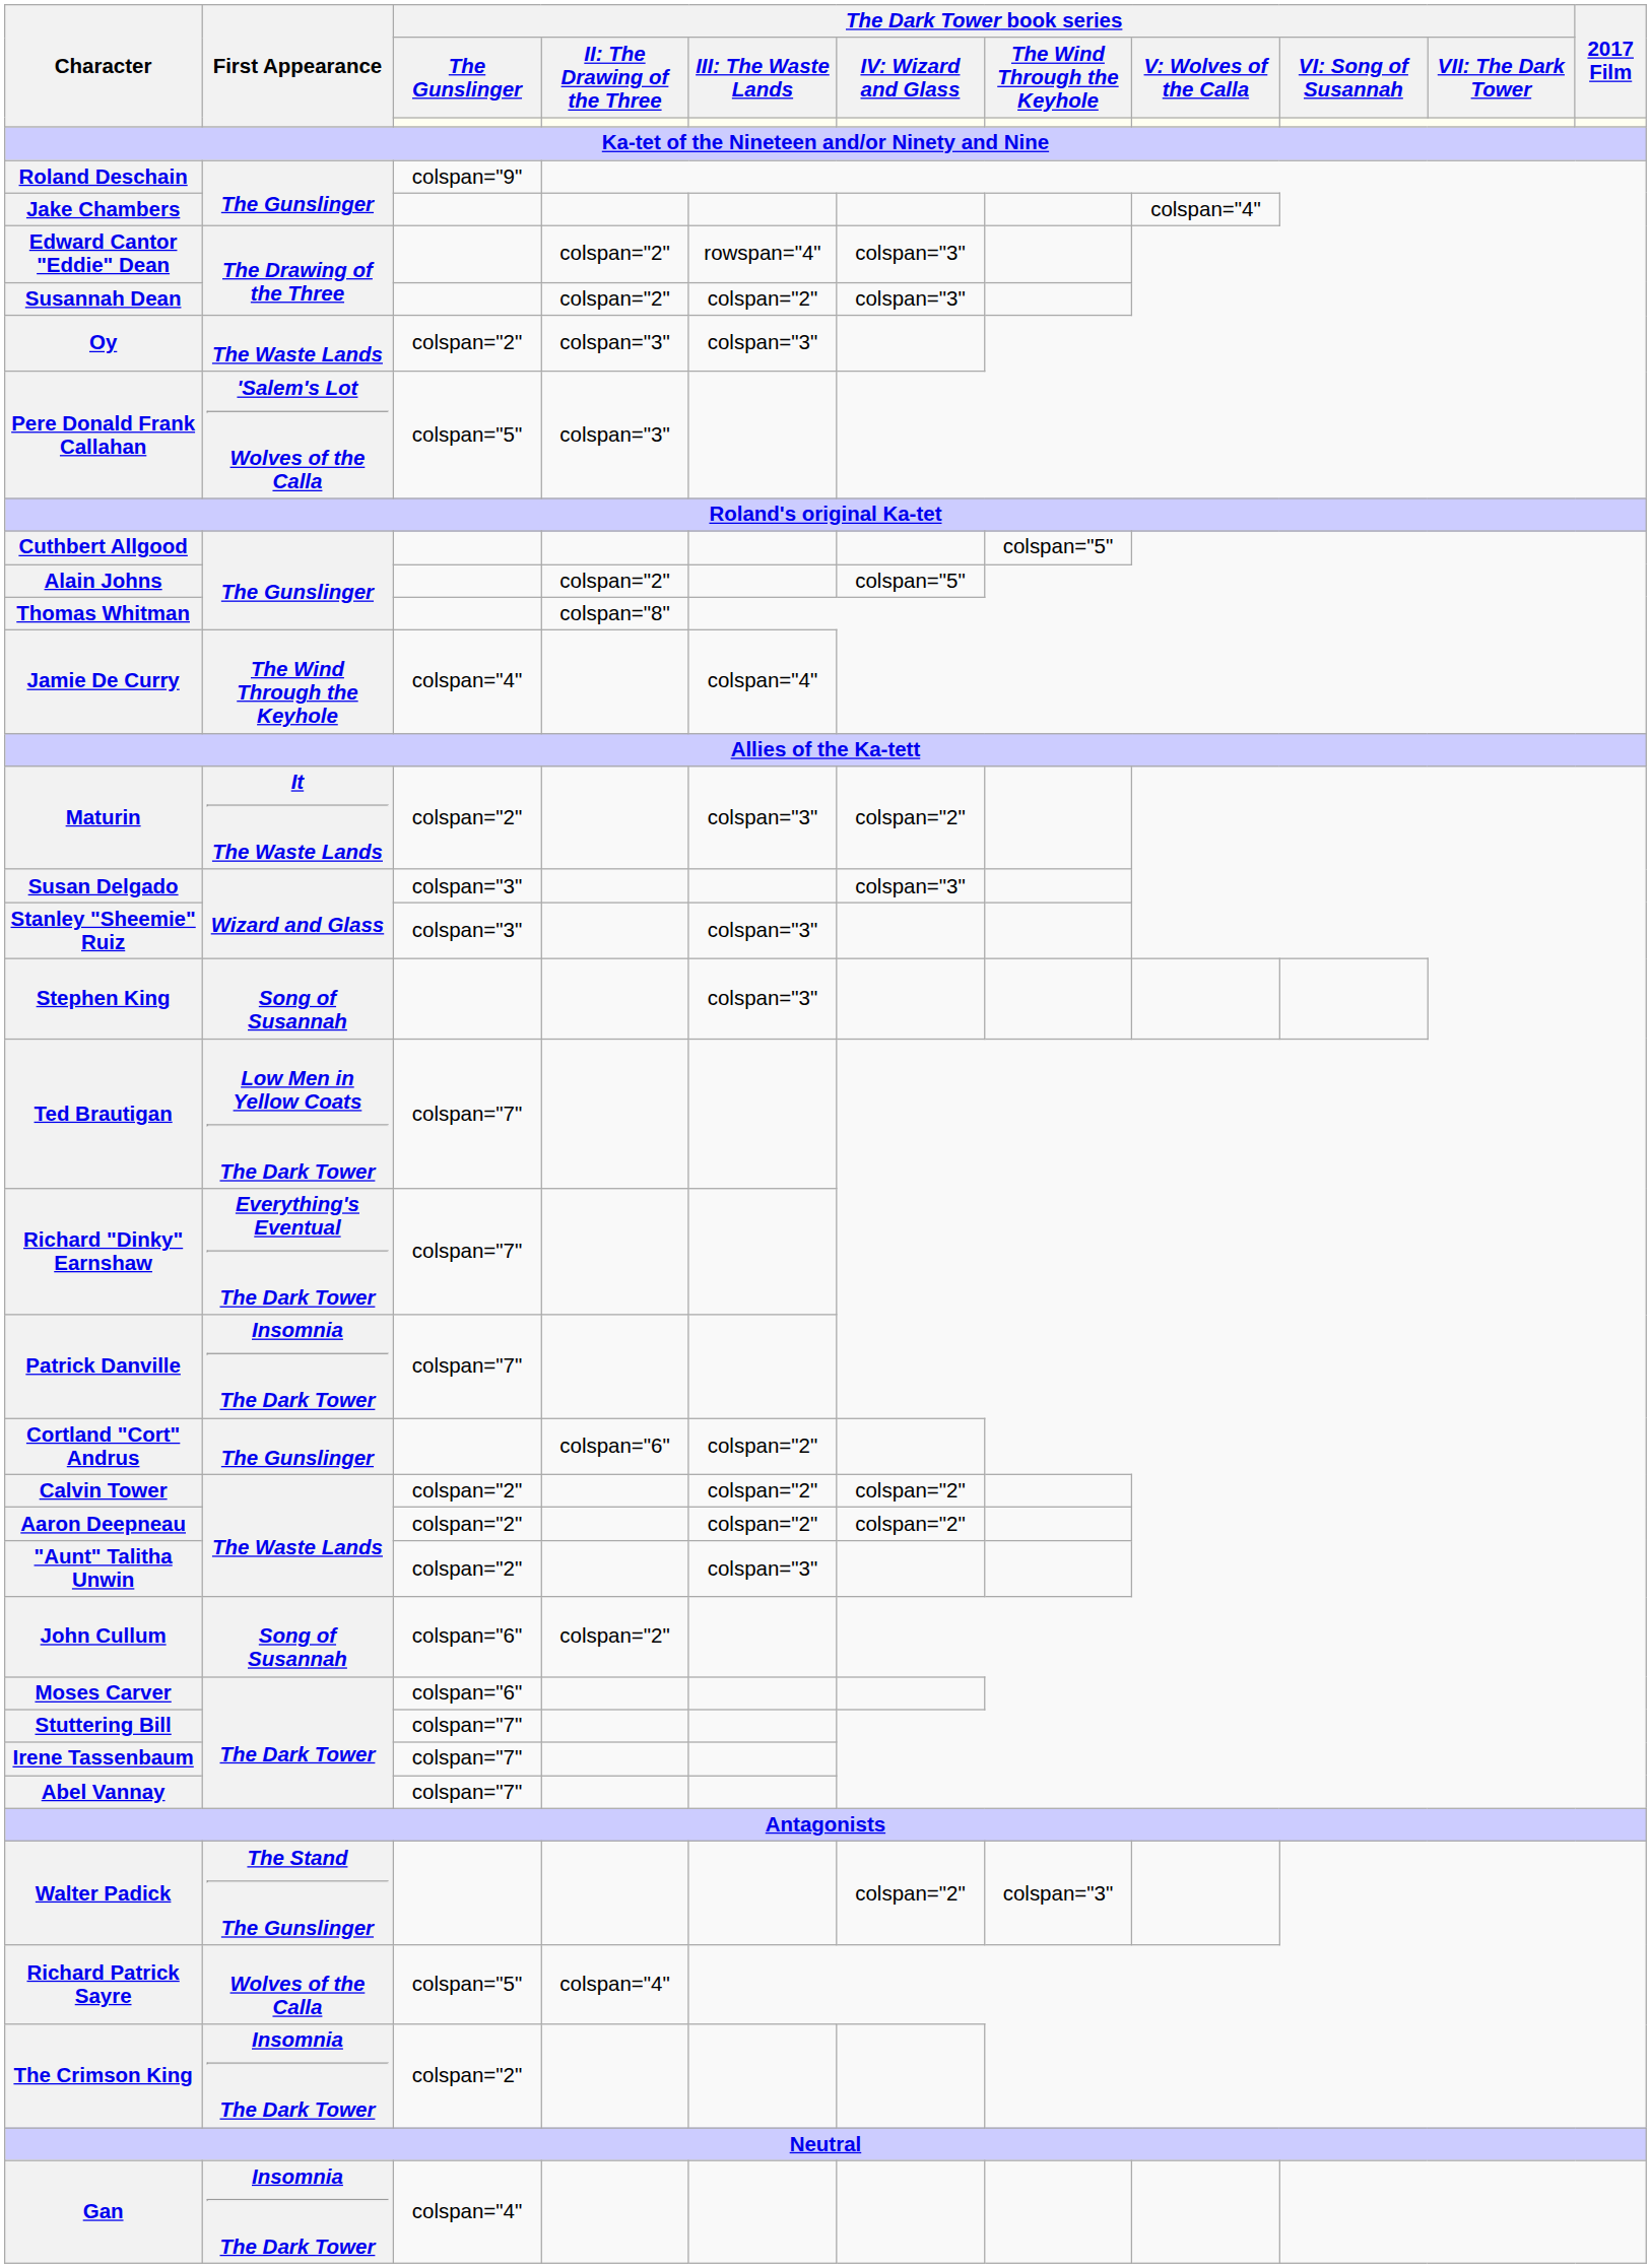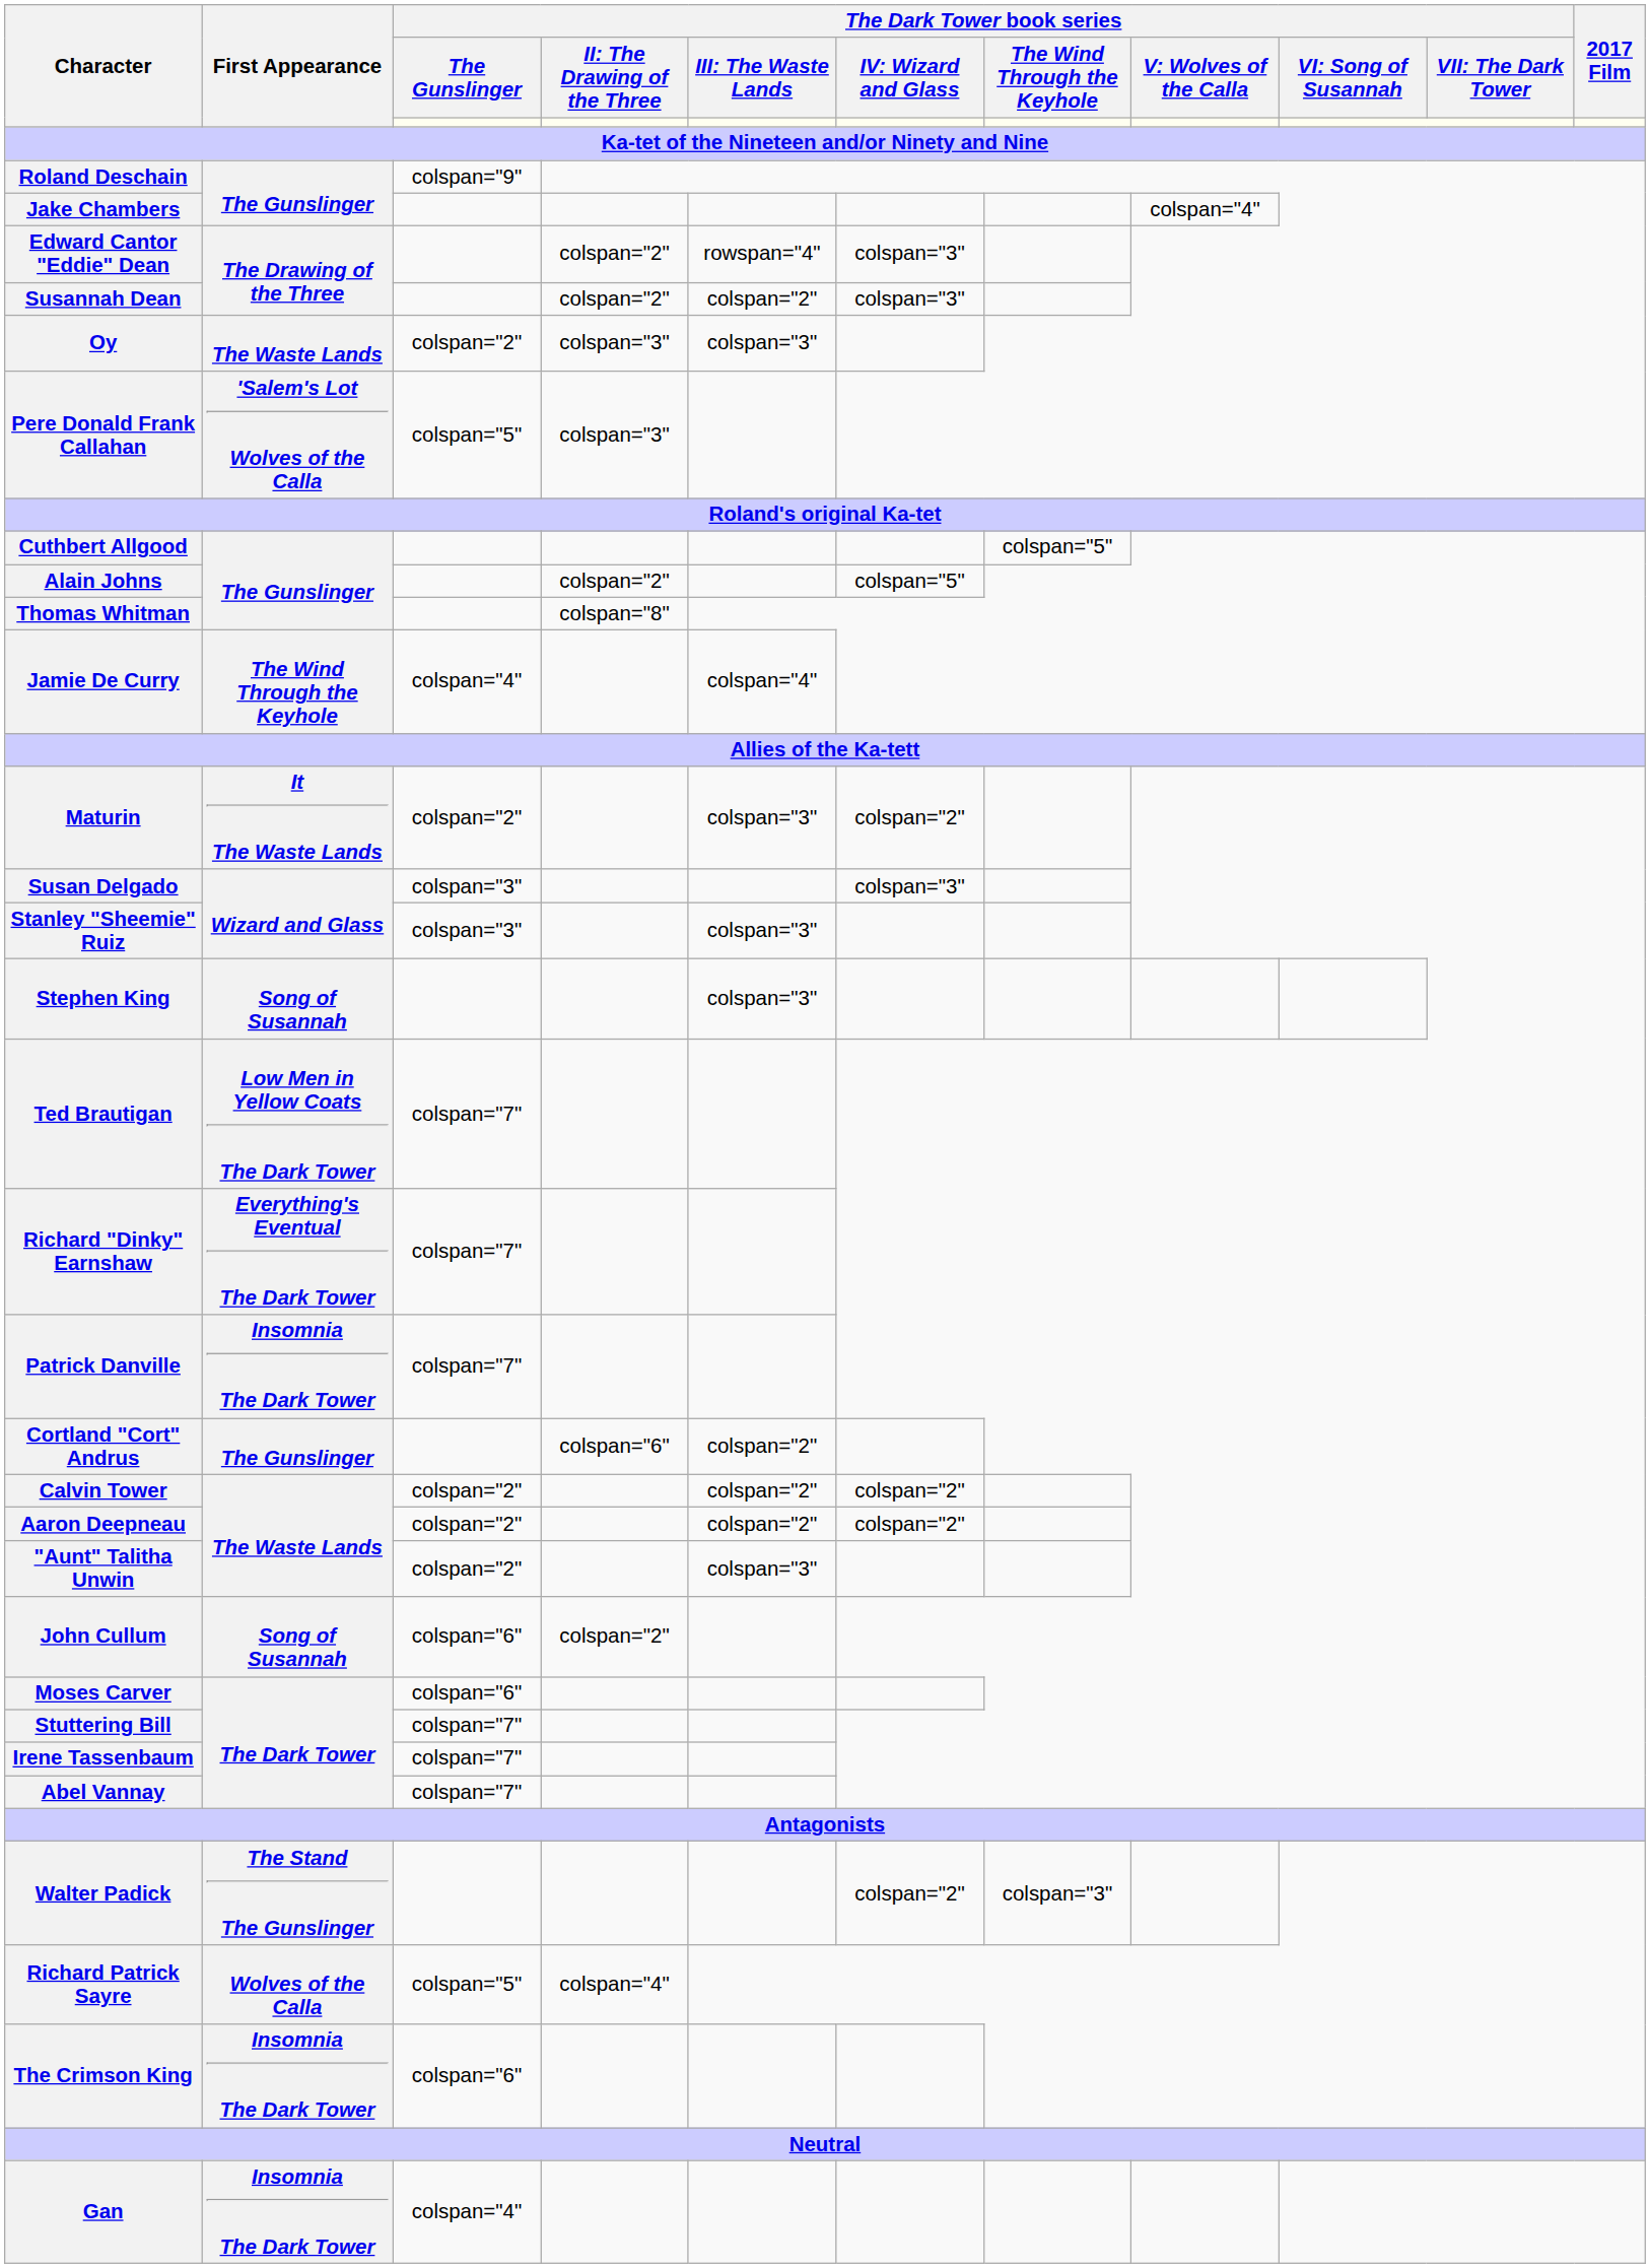 <table class="wikitable" style="width:100%; text-align:center;">
 <tr>
 <th rowspan="3" style="width:12%;">Character</th>
 <th rowspan="3" style="width=12%;">First Appearance</th>
 <th colspan="8"><a href='#'><em>The Dark Tower</em> book series</a></th>
 <th rowspan="2" style="width=9%"><a href='#'>2017 Film</a></th>
 </tr>
 <tr>
 <th style="width:9%;"><a href='#'><em>The Gunslinger</em></a></th>
 <th style="width:9%;"><a href='#'><em>II: The Drawing of the Three</em></a></th>
 <th style="width:9%;"><a href='#'><em>III: The Waste Lands</em></a></th>
 <th style="width:9%;"><a href='#'><em>IV: Wizard and Glass</em></a></th>
 <th style="width:9%;"><a href='#'><em>The Wind Through the Keyhole</em></a></th>
 <th style="width:9%;"><a href='#'><em>V: Wolves of the Calla</em></a></th>
 <th style="width:9%;"><a href='#'><em>VI: Song of Susannah</em></a></th>
 <th style="width:9%;"><a href='#'><em>VII: The Dark Tower</em></a></th>
 </tr>
 <tr>
 <th style="background-color:ivory;"><span></span></th>
 <th style="background-color:ivory;"><span></span></th>
 <th style="background-color:ivory;"><span></span></th>
 <th style="background-color:ivory;"><span></span></th>
 <th style="background-color:ivory;"><span></span></th>
 <th style="background-color:ivory;"><span></span></th>
 <th colspan="2" style="background-color:ivory;"><span></span></th>
 <th style="background-color:ivory;"><span></span></th>
 </tr>
 <tr>
 <th colspan="11" style="background-color:#ccccff;"><a href='#'>Ka-tet of the Nineteen and/or Ninety and Nine</a></th>
 </tr>
 <tr>
 <th><a href='#'>Roland Deschain<br></a></th>
 <th rowspan="2"><a href='#'><em><br>The Gunslinger</em></a></th>
 <td>colspan="9" </td>
 </tr>
 <tr>
 <th><a href='#'>Jake Chambers</a></th>
 <td></td>
 <td></td>
 <td></td>
 <td></td>
 <td></td>
 <td>colspan="4" </td>
 </tr>
 <tr>
 <th><a href='#'>Edward Cantor "Eddie" Dean</a></th>
 <th rowspan="2"><a href='#'><em><br>The Drawing of the Three</em></a></th>
 <td></td>
 <td>colspan="2" </td>
 <td>rowspan="4" </td>
 <td>colspan="3" </td>
 <td></td>
 </tr>
 <tr>
 <th><a href='#'>Susannah Dean<br></a></th>
 <td></td>
 <td>colspan="2" </td>
 <td>colspan="2" </td>
 <td>colspan="3" </td>
 <td></td>
 </tr>
 <tr>
 <th><a href='#'>Oy</a></th>
 <th><a href='#'><em><br>The Waste Lands</em></a></th>
 <td>colspan="2" </td>
 <td>colspan="3" </td>
 <td>colspan="3" </td>
 <td></td>
 </tr>
 <tr>
 <th><a href='#'>Pere Donald Frank Callahan</a></th>
 <th><em><a href='#'>'Salem's Lot</a></em><hr><a href='#'><em><br>Wolves of the Calla</em></a></th>
 <td>colspan="5" </td>
 <td>colspan="3" </td>
 <td></td>
 </tr>
 <tr>
 <th colspan="11" style="background-color:#ccccff;"><a href='#'>Roland's original Ka-tet</a></th>
 </tr>
 <tr>
 <th><a href='#'>Cuthbert Allgood</a></th>
 <th rowspan="3"><a href='#'><em><br>The Gunslinger</em></a></th>
 <td></td>
 <td></td>
 <td></td>
 <td></td>
 <td>colspan="5" </td>
 </tr>
 <tr>
 <th><a href='#'>Alain Johns</a></th>
 <td></td>
 <td>colspan="2" </td>
 <td></td>
 <td>colspan="5" </td>
 </tr>
 <tr>
 <th><a href='#'>Thomas Whitman</a></th>
 <td></td>
 <td>colspan="8" </td>
 </tr>
 <tr>
 <th><a href='#'>Jamie De Curry</a></th>
 <th><a href='#'><em><br>The Wind Through the Keyhole</em></a></th>
 <td>colspan="4" </td>
 <td></td>
 <td>colspan="4" </td>
 </tr>
 <tr>
 <th colspan="11" style="background-color:#ccccff;"><a href='#'>Allies of the Ka-tett</a></th>
 </tr>
 <tr>
 <th><a href='#'>Maturin<br></a></th>
 <th><a href='#'><em>It</em></a><hr><a href='#'><em><br>The Waste Lands</em></a></th>
 <td>colspan="2" </td>
 <td></td>
 <td>colspan="3" </td>
 <td>colspan="2" </td>
 <td></td>
 </tr>
 <tr>
 <th><a href='#'>Susan Delgado</a></th>
 <th rowspan="2"><a href='#'><em><br>Wizard and Glass</em></a></th>
 <td>colspan="3" </td>
 <td></td>
 <td></td>
 <td>colspan="3" </td>
 <td></td>
 </tr>
 <tr>
 <th><a href='#'>Stanley "Sheemie" Ruiz</a></th>
 <td>colspan="3" </td>
 <td></td>
 <td>colspan="3" </td>
 <td></td>
 <td></td>
 </tr>
 <tr>
 <th><a href='#'>Stephen King</a></th>
 <th><a href='#'><em><br>Song of Susannah</em></a></th>
 <td></td>
 <td></td>
 <td>colspan="3" </td>
 <td></td>
 <td></td>
 <td></td>
 <td></td>
 </tr>
 <tr>
 <th><a href='#'>Ted Brautigan</a></th>
 <th><a href='#'><em><br>Low Men in Yellow Coats</em></a><hr><a href='#'><em><br>The Dark Tower</em></a></th>
 <td>colspan="7" </td>
 <td></td>
 <td></td>
 </tr>
 <tr>
 <th><a href='#'>Richard "Dinky" Earnshaw</a></th>
 <th><a href='#'><em>Everything's Eventual</em></a><hr><a href='#'><em><br>The Dark Tower</em></a></th>
 <td>colspan="7" </td>
 <td></td>
 <td></td>
 </tr>
 <tr>
 <th><a href='#'>Patrick Danville</a></th>
 <th><a href='#'><em>Insomnia</em></a><hr><a href='#'><em><br>The Dark Tower</em></a></th>
 <td>colspan="7" </td>
 <td></td>
 <td></td>
 </tr>
 <tr>
 <th><a href='#'>Cortland "Cort" Andrus</a></th>
 <th><a href='#'><em><br>The Gunslinger</em></a></th>
 <td></td>
 <td>colspan="6" </td>
 <td>colspan="2" </td>
 <td></td>
 </tr>
 <tr>
 <th><a href='#'>Calvin Tower</a></th>
 <th rowspan="3"><a href='#'><em><br>The Waste Lands</em></a></th>
 <td>colspan="2" </td>
 <td></td>
 <td>colspan="2" </td>
 <td>colspan="2" </td>
 <td></td>
 </tr>
 <tr>
 <th><a href='#'>Aaron Deepneau</a></th>
 <td>colspan="2" </td>
 <td></td>
 <td>colspan="2" </td>
 <td>colspan="2" </td>
 <td></td>
 </tr>
 <tr>
 <th><a href='#'>"Aunt" Talitha Unwin</a></th>
 <td>colspan="2" </td>
 <td></td>
 <td>colspan="3" </td>
 <td></td>
 <td></td>
 </tr>
 <tr>
 <th><a href='#'>John Cullum</a></th>
 <th><a href='#'><em><br>Song of Susannah</em></a></th>
 <td>colspan="6" </td>
 <td>colspan="2" </td>
 <td></td>
 </tr>
 <tr>
 <th><a href='#'>Moses Carver</a></th>
 <th rowspan="4"><a href='#'><em><br>The Dark Tower</em></a></th>
 <td>colspan="6" </td>
 <td></td>
 <td></td>
 <td></td>
 </tr>
 <tr>
 <th><a href='#'>Stuttering Bill<br></a></th>
 <td>colspan="7" </td>
 <td></td>
 <td></td>
 </tr>
 <tr>
 <th><a href='#'>Irene Tassenbaum</a></th>
 <td>colspan="7" </td>
 <td></td>
 <td></td>
 </tr>
 <tr>
 <th><a href='#'>Abel Vannay</a></th>
 <td>colspan="7" </td>
 <td></td>
 <td></td>
 </tr>
 <tr>
 <th colspan="11" style="background-color:#ccccff;"><a href='#'>Antagonists</a></th>
 </tr>
 <tr>
 <th><a href='#'>Walter Padick<br></a></th>
 <th><em><a href='#'>The Stand</a></em><hr><a href='#'><em><br>The Gunslinger</em></a></th>
 <td></td>
 <td></td>
 <td></td>
 <td>colspan="2" </td>
 <td>colspan="3" </td>
 <td></td>
 </tr>
 <tr>
 <th><a href='#'>Richard Patrick Sayre</a></th>
 <th><a href='#'><em><br>Wolves of the Calla</em></a></th>
 <td>colspan="5" </td>
 <td>colspan="4" </td>
 </tr>
 <tr>
 <th><a href='#'>The Crimson King</a></th>
 <th><a href='#'><em>Insomnia</em></a><hr><a href='#'><em><br>The Dark Tower</em></a></th>
-<td>colspan="2" </td>
+<td>colspan="6" </td>
 <td></td>
 <td></td>
 <td></td>
 </tr>
 <tr>
 <th colspan="11" style="background-color:#ccccff;"><a href='#'>Neutral</a></th>
 </tr>
 <tr>
 <th><a href='#'>Gan</a></th>
 <th><a href='#'><em>Insomnia</em></a><hr><a href='#'><em><br>The Dark Tower</em></a></th>
 <td>colspan="4" </td>
 <td></td>
 <td></td>
 <td></td>
 <td></td>
 <td></td>
 </tr>
 </table>
